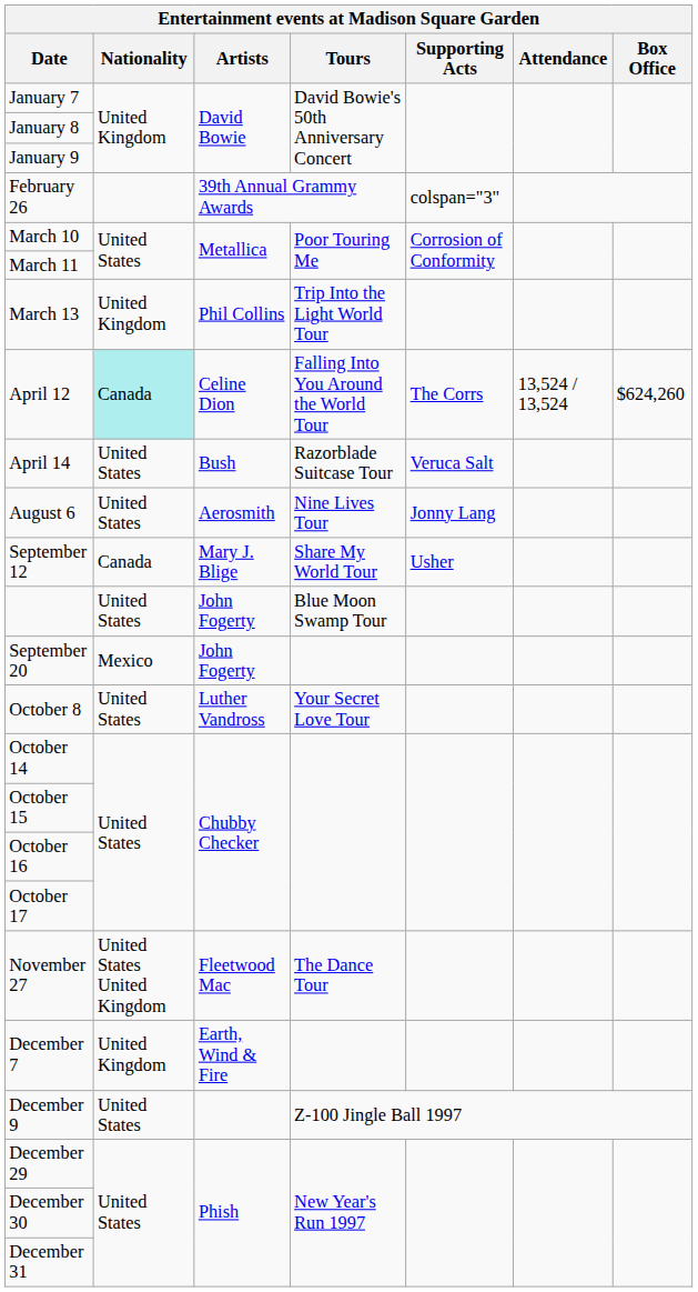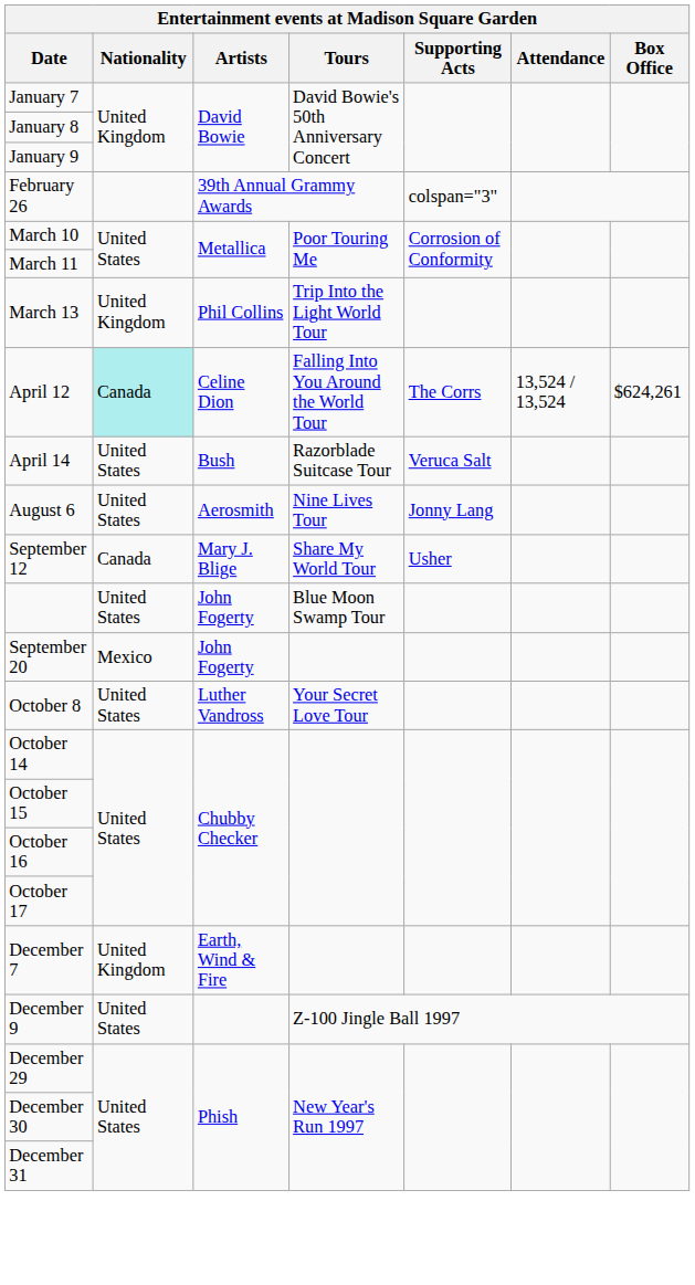 <table class="wikitable">
 <tr>
 <th colspan="7">Entertainment events at Madison Square Garden</th>
 </tr>
 <tr>
 <th width=100>Date</th>
 <th width=150>Nationality</th>
 <th width=200>Artists</th>
 <th width=300>Tours</th>
 <th width=200>Supporting Acts</th>
 <th width=100>Attendance</th>
 <th width=100>Box Office</th>
 </tr>
 <tr>
 <td>January 7</td>
 <td rowspan=3>United Kingdom</td>
 <td rowspan=3><a href='#'>David Bowie</a></td>
 <td rowspan=3>David Bowie's 50th Anniversary Concert</td>
 <td rowspan=3></td>
 <td rowspan=3></td>
 <td rowspan=3></td>
 </tr>
 <tr>
 <td>January 8</td>
 </tr>
 <tr>
 <td>January 9</td>
 </tr>
 <tr>
 <td>February 26</td>
 <td></td>
 <td colspan="2"><a href='#'>39th Annual Grammy Awards</a></td>
 <td>colspan="3" </td>
 </tr>
 <tr>
 <td>March 10</td>
 <td rowspan=2>United States</td>
 <td rowspan=2><a href='#'>Metallica</a></td>
 <td rowspan=2><a href='#'>Poor Touring Me</a></td>
 <td rowspan=2><a href='#'>Corrosion of Conformity</a></td>
 <td rowspan=2></td>
 <td rowspan=2></td>
 </tr>
 <tr>
 <td>March 11</td>
 </tr>
 <tr>
 <td>March 13</td>
 <td>United Kingdom</td>
 <td><a href='#'>Phil Collins</a></td>
 <td><a href='#'>Trip Into the Light World Tour</a></td>
 <td></td>
 <td></td>
 <td></td>
 </tr>
 <tr>
 <td>April 12</td>
 <td style="background: paleturquoise;">Canada</td>
 <td><a href='#'>Celine Dion</a></td>
 <td><a href='#'>Falling Into You Around the World Tour</a></td>
 <td><a href='#'>The Corrs</a></td>
 <td>13,524 / 13,524</td>
-<td>$624,260</td>
+<td>$624,261</td>
 </tr>
 <tr>
 <td>April 14</td>
 <td>United States</td>
 <td><a href='#'>Bush</a></td>
 <td>Razorblade Suitcase Tour</td>
 <td><a href='#'>Veruca Salt</a></td>
 <td></td>
 <td></td>
 </tr>
 <tr>
 <td>August 6</td>
 <td>United States</td>
 <td><a href='#'>Aerosmith</a></td>
 <td><a href='#'>Nine Lives Tour</a></td>
 <td><a href='#'>Jonny Lang</a></td>
 <td></td>
 <td></td>
 </tr>
 <tr>
 <td>September 12</td>
 <td>Canada</td>
 <td><a href='#'>Mary J. Blige</a></td>
 <td><a href='#'>Share My World Tour</a></td>
 <td><a href='#'>Usher</a></td>
 <td></td>
 <td></td>
 </tr>
 <tr>
 <td></td>
 <td>United States</td>
 <td><a href='#'>John Fogerty</a></td>
 <td>Blue Moon Swamp Tour</td>
 <td></td>
 <td></td>
 <td></td>
 </tr>
 <tr>
 <td>September 20</td>
 <td>Mexico</td>
 <td><a href='#'>John Fogerty</a></td>
 <td></td>
 <td></td>
 <td></td>
 <td></td>
 </tr>
 <tr>
 <td>October 8</td>
 <td>United States</td>
 <td><a href='#'>Luther Vandross</a></td>
 <td><a href='#'>Your Secret Love Tour</a></td>
 <td></td>
 <td></td>
 <td></td>
 </tr>
 <tr>
 <td>October 14</td>
 <td rowspan=4>United States</td>
 <td rowspan=4><a href='#'>Chubby Checker</a></td>
 <td rowspan=4></td>
 <td rowspan=4></td>
 <td rowspan=4></td>
 <td rowspan=4></td>
 </tr>
 <tr>
 <td>October 15</td>
 </tr>
 <tr>
 <td>October 16</td>
 </tr>
 <tr>
 <td>October 17</td>
 </tr>
 <tr>
-<td>November 27</td>
-<td>United States<br>United Kingdom</td>
-<td><a href='#'>Fleetwood Mac</a></td>
-<td><a href='#'>The Dance Tour</a></td>
-<td></td>
-<td></td>
-<td></td>
-</tr>
-<tr>
 <td>December 7</td>
 <td>United Kingdom</td>
 <td><a href='#'>Earth, Wind & Fire</a></td>
 <td></td>
 <td></td>
 <td></td>
 <td></td>
 </tr>
 <tr>
 <td>December 9</td>
 <td>United States</td>
 <td></td>
 <td colspan=4>Z-100 Jingle Ball 1997</td>
 </tr>
 <tr>
 <td>December 29</td>
 <td rowspan=3>United States</td>
 <td rowspan=3><a href='#'>Phish</a></td>
 <td rowspan=3><a href='#'>New Year's Run 1997</a></td>
 <td rowspan=3></td>
 <td rowspan=3></td>
 <td rowspan=3></td>
 </tr>
 <tr>
 <td>December 30</td>
 </tr>
 <tr>
 <td>December 31</td>
 </tr>
 </table>
